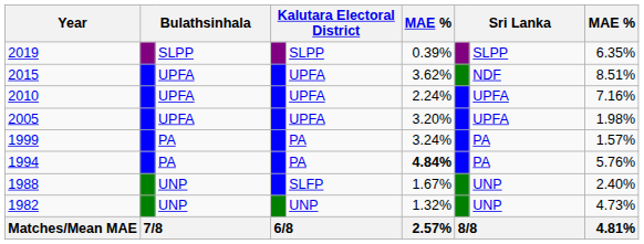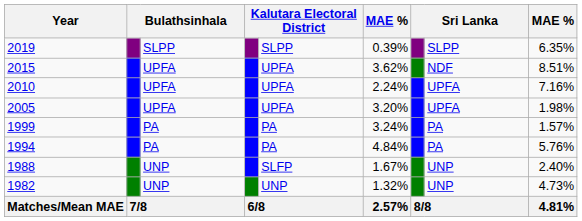 <table class="wikitable">
 <tr>
 <th>Year</th>
 <th colspan="2" width="144px">Bulathsinhala</th>
 <th colspan="2" width="144px"><a href='#'>Kalutara Electoral District</a></th>
 <th><a href='#'>MAE</a> %</th>
 <th colspan="2" width="144px">Sri Lanka</th>
 <th>MAE %</th>
 </tr>
 <tr>
 <td><a href='#'>2019</a></td>
 <td style="background-color:purple;" width="10px"></td>
 <td style="text-align:left;"><a href='#'>SLPP</a></td>
 <td style="background-color:purple;" width="10px"></td>
 <td style="text-align:left;"><a href='#'>SLPP</a></td>
 <td style="text-align:right;">0.39%</td>
 <td style="background-color:purple;" width="10px"></td>
 <td style="text-align:left;"><a href='#'>SLPP</a></td>
 <td style="text-align:right;">6.35%</td>
 </tr>
 <tr>
 <td><a href='#'>2015</a></td>
 <td style="background-color:blue;" width="10px"></td>
 <td style="text-align:left;"><a href='#'>UPFA</a></td>
 <td style="background-color:blue;" width="10px"></td>
 <td style="text-align:left;"><a href='#'>UPFA</a></td>
 <td style="text-align:right;">3.62%</td>
 <td style="background-color:green;" width="10px"></td>
 <td style="text-align:left;"><a href='#'>NDF</a></td>
 <td style="text-align:right;">8.51%</td>
 </tr>
 <tr>
 <td><a href='#'>2010</a></td>
 <td style="background-color:blue;" width="10px"></td>
 <td style="text-align:left;"><a href='#'>UPFA</a></td>
 <td style="background-color:blue;" width="10px"></td>
 <td style="text-align:left;"><a href='#'>UPFA</a></td>
 <td style="text-align:right;">2.24%</td>
 <td style="background-color:blue;" width="10px"></td>
 <td style="text-align:left;"><a href='#'>UPFA</a></td>
 <td style="text-align:right;">7.16%</td>
 </tr>
 <tr>
 <td><a href='#'>2005</a></td>
 <td style="background-color:blue;" width="10px"></td>
 <td style="text-align:left;"><a href='#'>UPFA</a></td>
 <td style="background-color:blue;" width="10px"></td>
 <td style="text-align:left;"><a href='#'>UPFA</a></td>
 <td style="text-align:right;">3.20%</td>
 <td style="background-color:blue;" width="10px"></td>
 <td style="text-align:left;"><a href='#'>UPFA</a></td>
 <td style="text-align:right;">1.98%</td>
 </tr>
 <tr>
 <td><a href='#'>1999</a></td>
 <td style="background-color:blue;" width="10px"></td>
 <td style="text-align:left;"><a href='#'>PA</a></td>
 <td style="background-color:blue;" width="10px"></td>
 <td style="text-align:left;"><a href='#'>PA</a></td>
 <td style="text-align:right;">3.24%</td>
 <td style="background-color:blue;" width="10px"></td>
 <td style="text-align:left;"><a href='#'>PA</a></td>
 <td style="text-align:right;">1.57%</td>
 </tr>
 <tr>
 <td><a href='#'>1994</a></td>
 <td style="background-color:blue;" width="10px"></td>
 <td style="text-align:left;"><a href='#'>PA</a></td>
 <td style="background-color:blue;" width="10px"></td>
 <td style="text-align:left;"><a href='#'>PA</a></td>
-<td style="text-align:right;"><strong>4.84%</strong></td>
+<td style="text-align:right;">4.84%</td>
 <td style="background-color:blue;" width="10px"></td>
 <td style="text-align:left;"><a href='#'>PA</a></td>
 <td style="text-align:right;">5.76%</td>
 </tr>
 <tr>
 <td><a href='#'>1988</a></td>
 <td style="background-color:green;" width="10px"></td>
 <td style="text-align:left;"><a href='#'>UNP</a></td>
 <td style="background-color:blue;" width="10px"></td>
 <td style="text-align:left;"><a href='#'>SLFP</a></td>
 <td style="text-align:right;">1.67%</td>
 <td style="background-color:green;" width="10px"></td>
 <td style="text-align:left;"><a href='#'>UNP</a></td>
 <td style="text-align:right;">2.40%</td>
 </tr>
 <tr>
 <td><a href='#'>1982</a></td>
 <td style="background-color:green;" width="10px"></td>
 <td style="text-align:left;"><a href='#'>UNP</a></td>
 <td style="background-color:green;" width="10px"></td>
 <td style="text-align:left;"><a href='#'>UNP</a></td>
 <td style="text-align:right;">1.32%</td>
 <td style="background-color:green;" width="10px"></td>
 <td style="text-align:left;"><a href='#'>UNP</a></td>
 <td style="text-align:right;">4.73%</td>
 </tr>
 <tr>
 <th>Matches/Mean MAE</th>
 <th style="text-align:left;"colspan="2" width="144px">7/8</th>
 <th style="text-align:left;"colspan="2" width="144px">6/8</th>
 <th style="text-align:right;">2.57%</th>
 <th style="text-align:left;"colspan="2" width="144px">8/8</th>
 <th style="text-align:right;">4.81%</th>
 </tr>
 </table>
